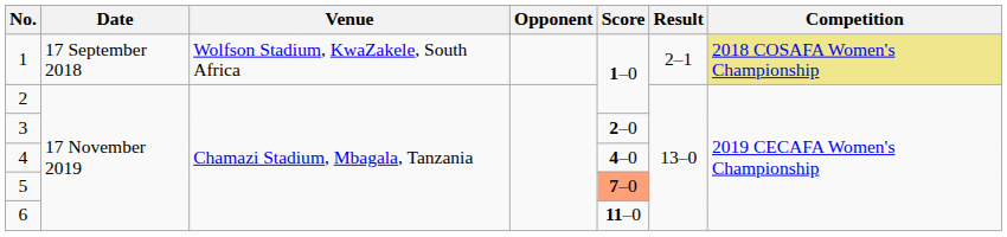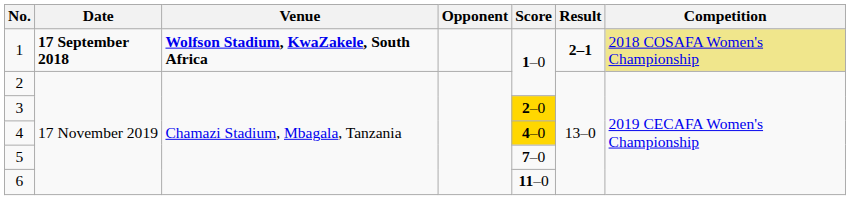 <table class="wikitable">
 <tr>
 <th>No.</th>
 <th>Date</th>
 <th>Venue</th>
 <th>Opponent</th>
 <th>Score</th>
 <th>Result</th>
 <th>Competition</th>
 </tr>
 <tr>
 <td style="text-align:center;">1</td>
-<td>17 September 2018</td>
-<td><a href='#'>Wolfson Stadium</a>, <a href='#'>KwaZakele</a>, South Africa</td>
+<td><strong>17 September 2018</strong></td>
+<td><strong><a href='#'>Wolfson Stadium</a>, <a href='#'>KwaZakele</a>, South Africa</strong></td>
 <td></td>
 <td style="text-align:center;" rowspan=2><strong>1</strong>–0</td>
-<td style="text-align:center;">2–1</td>
+<td style="text-align:center;"><strong>2–1</strong></td>
 <td style="background: khaki;"><a href='#'>2018 COSAFA Women's Championship</a></td>
 </tr>
 <tr>
 <td style="text-align:center;">2</td>
 <td rowspan=5>17 November 2019</td>
 <td rowspan=5><a href='#'>Chamazi Stadium</a>, <a href='#'>Mbagala</a>, Tanzania</td>
 <td rowspan=5></td>
 <td style="text-align:center;" rowspan=5>13–0</td>
 <td rowspan=5><a href='#'>2019 CECAFA Women's Championship</a></td>
 </tr>
 <tr>
 <td style="text-align:center;">3</td>
-<td style="text-align:center;"><strong>2</strong>–0</td>
+<td style="background: gold; text-align:center;"><strong>2</strong>–0</td>
 </tr>
 <tr>
 <td style="text-align:center;">4</td>
-<td style="text-align:center;"><strong>4</strong>–0</td>
+<td style="background: gold; text-align:center;"><strong>4</strong>–0</td>
 </tr>
 <tr>
 <td style="text-align:center;">5</td>
-<td style="background: lightsalmon; text-align:center;"><strong>7</strong>–0</td>
+<td style="text-align:center;"><strong>7</strong>–0</td>
 </tr>
 <tr>
 <td style="text-align:center;">6</td>
 <td style="text-align:center;"><strong>11</strong>–0</td>
 </tr>
 </table>
